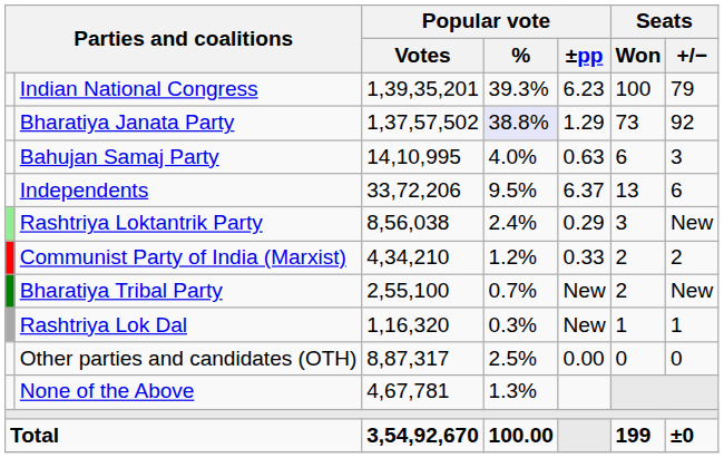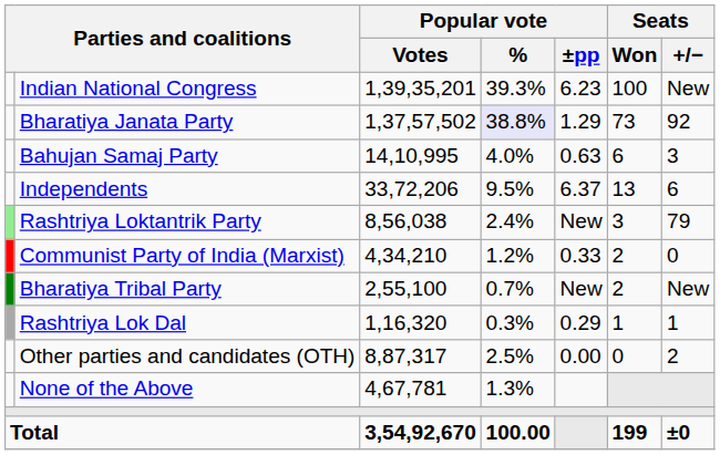 <table class="wikitable">
 <tr>
 <th colspan="2" rowspan="2">Parties and coalitions</th>
 <th colspan="3">Popular vote</th>
 <th colspan="2">Seats</th>
 </tr>
 <tr>
 <th>Votes</th>
 <th>%</th>
 <th>±<a href='#'>pp</a></th>
 <th>Won</th>
 <th><strong>+/−</strong></th>
 </tr>
 <tr>
 <td></td>
 <td><a href='#'>Indian National Congress</a></td>
 <td>1,39,35,201</td>
 <td>39.3%</td>
 <td>6.23</td>
 <td>100</td>
-<td>79</td>
+<td>New</td>
 </tr>
 <tr>
 <td></td>
 <td><a href='#'>Bharatiya Janata Party</a></td>
 <td>1,37,57,502</td>
 <td style="background: lavender;">38.8%</td>
 <td>1.29</td>
 <td>73</td>
 <td>92</td>
 </tr>
 <tr>
 <td></td>
 <td><a href='#'>Bahujan Samaj Party</a></td>
 <td>14,10,995</td>
 <td>4.0%</td>
 <td>0.63</td>
 <td>6</td>
 <td>3</td>
 </tr>
 <tr>
 <td></td>
 <td><a href='#'>Independents</a></td>
 <td>33,72,206</td>
 <td>9.5%</td>
 <td>6.37</td>
 <td>13</td>
 <td>6</td>
 </tr>
 <tr>
 <td bgcolor="lightgreen"></td>
 <td><a href='#'>Rashtriya Loktantrik Party</a></td>
 <td>8,56,038</td>
 <td>2.4%</td>
-<td>0.29</td>
+<td>New</td>
 <td>3</td>
-<td>New</td>
+<td>79</td>
 </tr>
 <tr>
 <td bgcolor="red"></td>
 <td><a href='#'>Communist Party of India (Marxist)</a></td>
 <td>4,34,210</td>
 <td>1.2%</td>
 <td>0.33</td>
 <td>2</td>
-<td>2</td>
+<td>0</td>
 </tr>
 <tr>
 <td bgcolor="green"></td>
 <td><a href='#'>Bharatiya Tribal Party</a></td>
 <td>2,55,100</td>
 <td>0.7%</td>
 <td>New</td>
 <td>2</td>
 <td>New</td>
 </tr>
 <tr>
 <td bgcolor="darkgray"></td>
 <td><a href='#'>Rashtriya Lok Dal</a></td>
 <td>1,16,320</td>
 <td>0.3%</td>
-<td>New</td>
+<td>0.29</td>
 <td>1</td>
 <td>1</td>
 </tr>
 <tr>
 <td></td>
 <td>Other parties and candidates (OTH)</td>
 <td>8,87,317</td>
 <td>2.5%</td>
 <td>0.00</td>
 <td>0</td>
-<td>0</td>
+<td>2</td>
 </tr>
 <tr>
 <td></td>
 <td><a href='#'>None of the Above</a></td>
 <td>4,67,781</td>
 <td>1.3%</td>
 <td></td>
 <td colspan="2" bgcolor="#E9E9E9"></td>
 </tr>
 <tr>
 <td colspan="7" bgcolor="#E9E9E9"></td>
 </tr>
 <tr style="font-weight:bold;">
 <td align="left" colspan="2">Total</td>
 <td>3,54,92,670</td>
 <td>100.00</td>
 <td bgcolor="#E9E9E9"></td>
 <td>199</td>
 <td>±0</td>
 </tr>
 <tr>
 </tr>
 </table>
